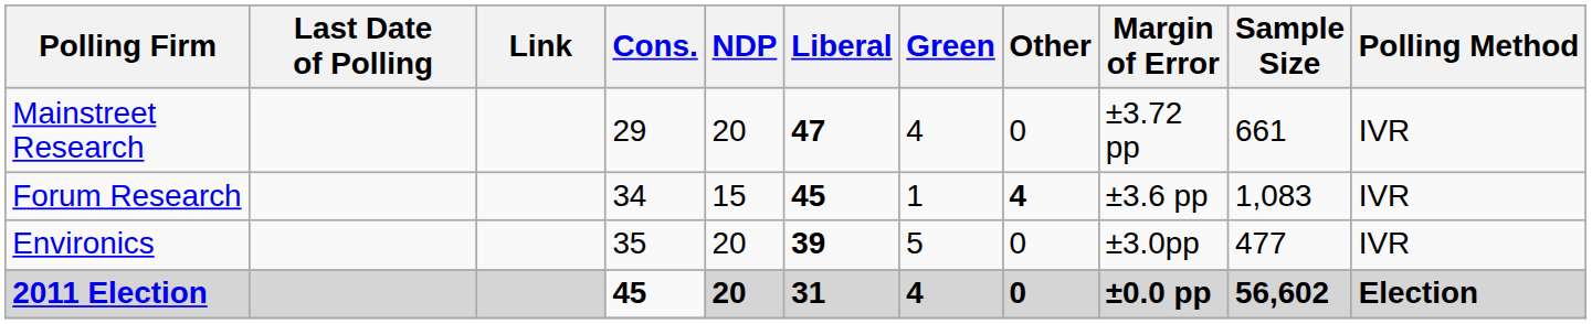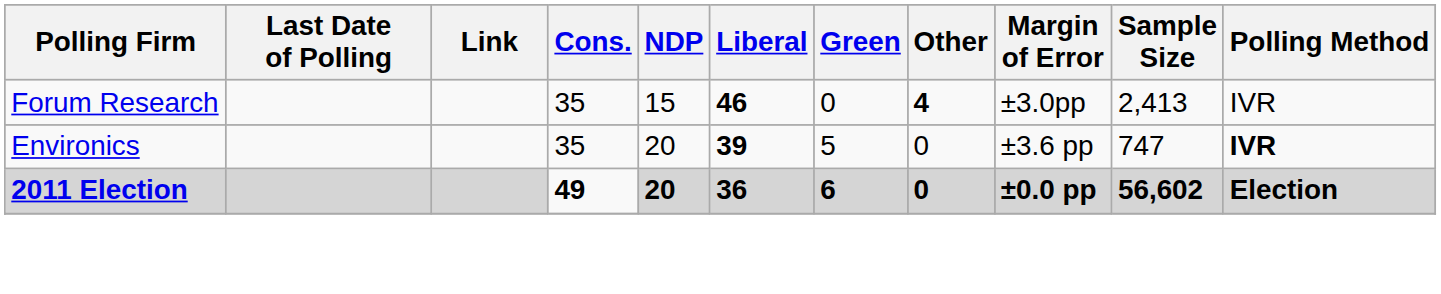 <table class="wikitable sortable">
 <tr style="background:#e9e9e9;">
 <th style="width:120px">Polling Firm</th>
 <th style="width:110px">Last Date<br>of Polling</th>
 <th style="width:60px" class="unsortable">Link</th>
 <th style="background-color:"><strong><a href='#'>Cons.</a></strong></th>
 <th style="background-color:"><strong><a href='#'>NDP</a></strong></th>
 <th style="background-color:"><strong><a href='#'>Liberal</a></strong></th>
 <th style="background-color:"><strong><a href='#'>Green</a></strong></th>
 <th style="background-color:"><strong>Other</strong></th>
 <th style="width:60px;" class=unsortable>Margin<br>of Error</th>
 <th style="width:50px;" class=unsortable>Sample<br>Size</th>
 <th class=unsortable>Polling Method</th>
 </tr>
 <tr>
-<td><a href='#'>Mainstreet Research</a></td>
-<td></td>
-<td></td>
-<td>29</td>
-<td>20</td>
-<td><strong>47</strong></td>
-<td>4</td>
-<td>0</td>
-<td>±3.72 pp</td>
-<td>661</td>
-<td>IVR</td>
-</tr>
-<tr>
 <td><a href='#'>Forum Research</a></td>
 <td></td>
 <td></td>
-<td>34</td>
+<td>35</td>
 <td>15</td>
-<td><strong>45</strong></td>
-<td>1</td>
+<td><strong>46</strong></td>
+<td>0</td>
 <td><strong>4</strong></td>
-<td>±3.6 pp</td>
-<td>1,083</td>
+<td>±3.0pp</td>
+<td>2,413</td>
 <td>IVR</td>
 </tr>
 <tr>
 <td><a href='#'>Environics</a></td>
 <td></td>
 <td></td>
 <td>35</td>
 <td>20</td>
 <td><strong>39</strong></td>
 <td>5</td>
 <td>0</td>
-<td>±3.0pp</td>
-<td>477</td>
-<td>IVR</td>
+<td>±3.6 pp</td>
+<td>747</td>
+<td><strong>IVR</strong></td>
 </tr>
 <tr>
 <td style="background:#D5D5D5"><strong><a href='#'>2011 Election</a></strong></td>
 <td style="background:#D5D5D5"><strong></strong></td>
 <td style="background:#D5D5D5"></td>
-<td><strong>45</strong></td>
+<td><strong>49</strong></td>
 <td style="background:#D5D5D5"><strong>20</strong></td>
-<td style="background:#D5D5D5"><strong>31</strong></td>
-<td style="background:#D5D5D5"><strong>4</strong></td>
+<td style="background:#D5D5D5"><strong>36</strong></td>
+<td style="background:#D5D5D5"><strong>6</strong></td>
 <td style="background:#D5D5D5"><strong>0</strong></td>
 <td style="background:#D5D5D5"><strong>±0.0 pp</strong></td>
 <td style="background:#D5D5D5"><strong>56,602</strong></td>
 <td style="background:#D5D5D5"><strong>Election</strong></td>
 </tr>
 <tr>
 </tr>
 <tr>
 </tr>
 </table>
